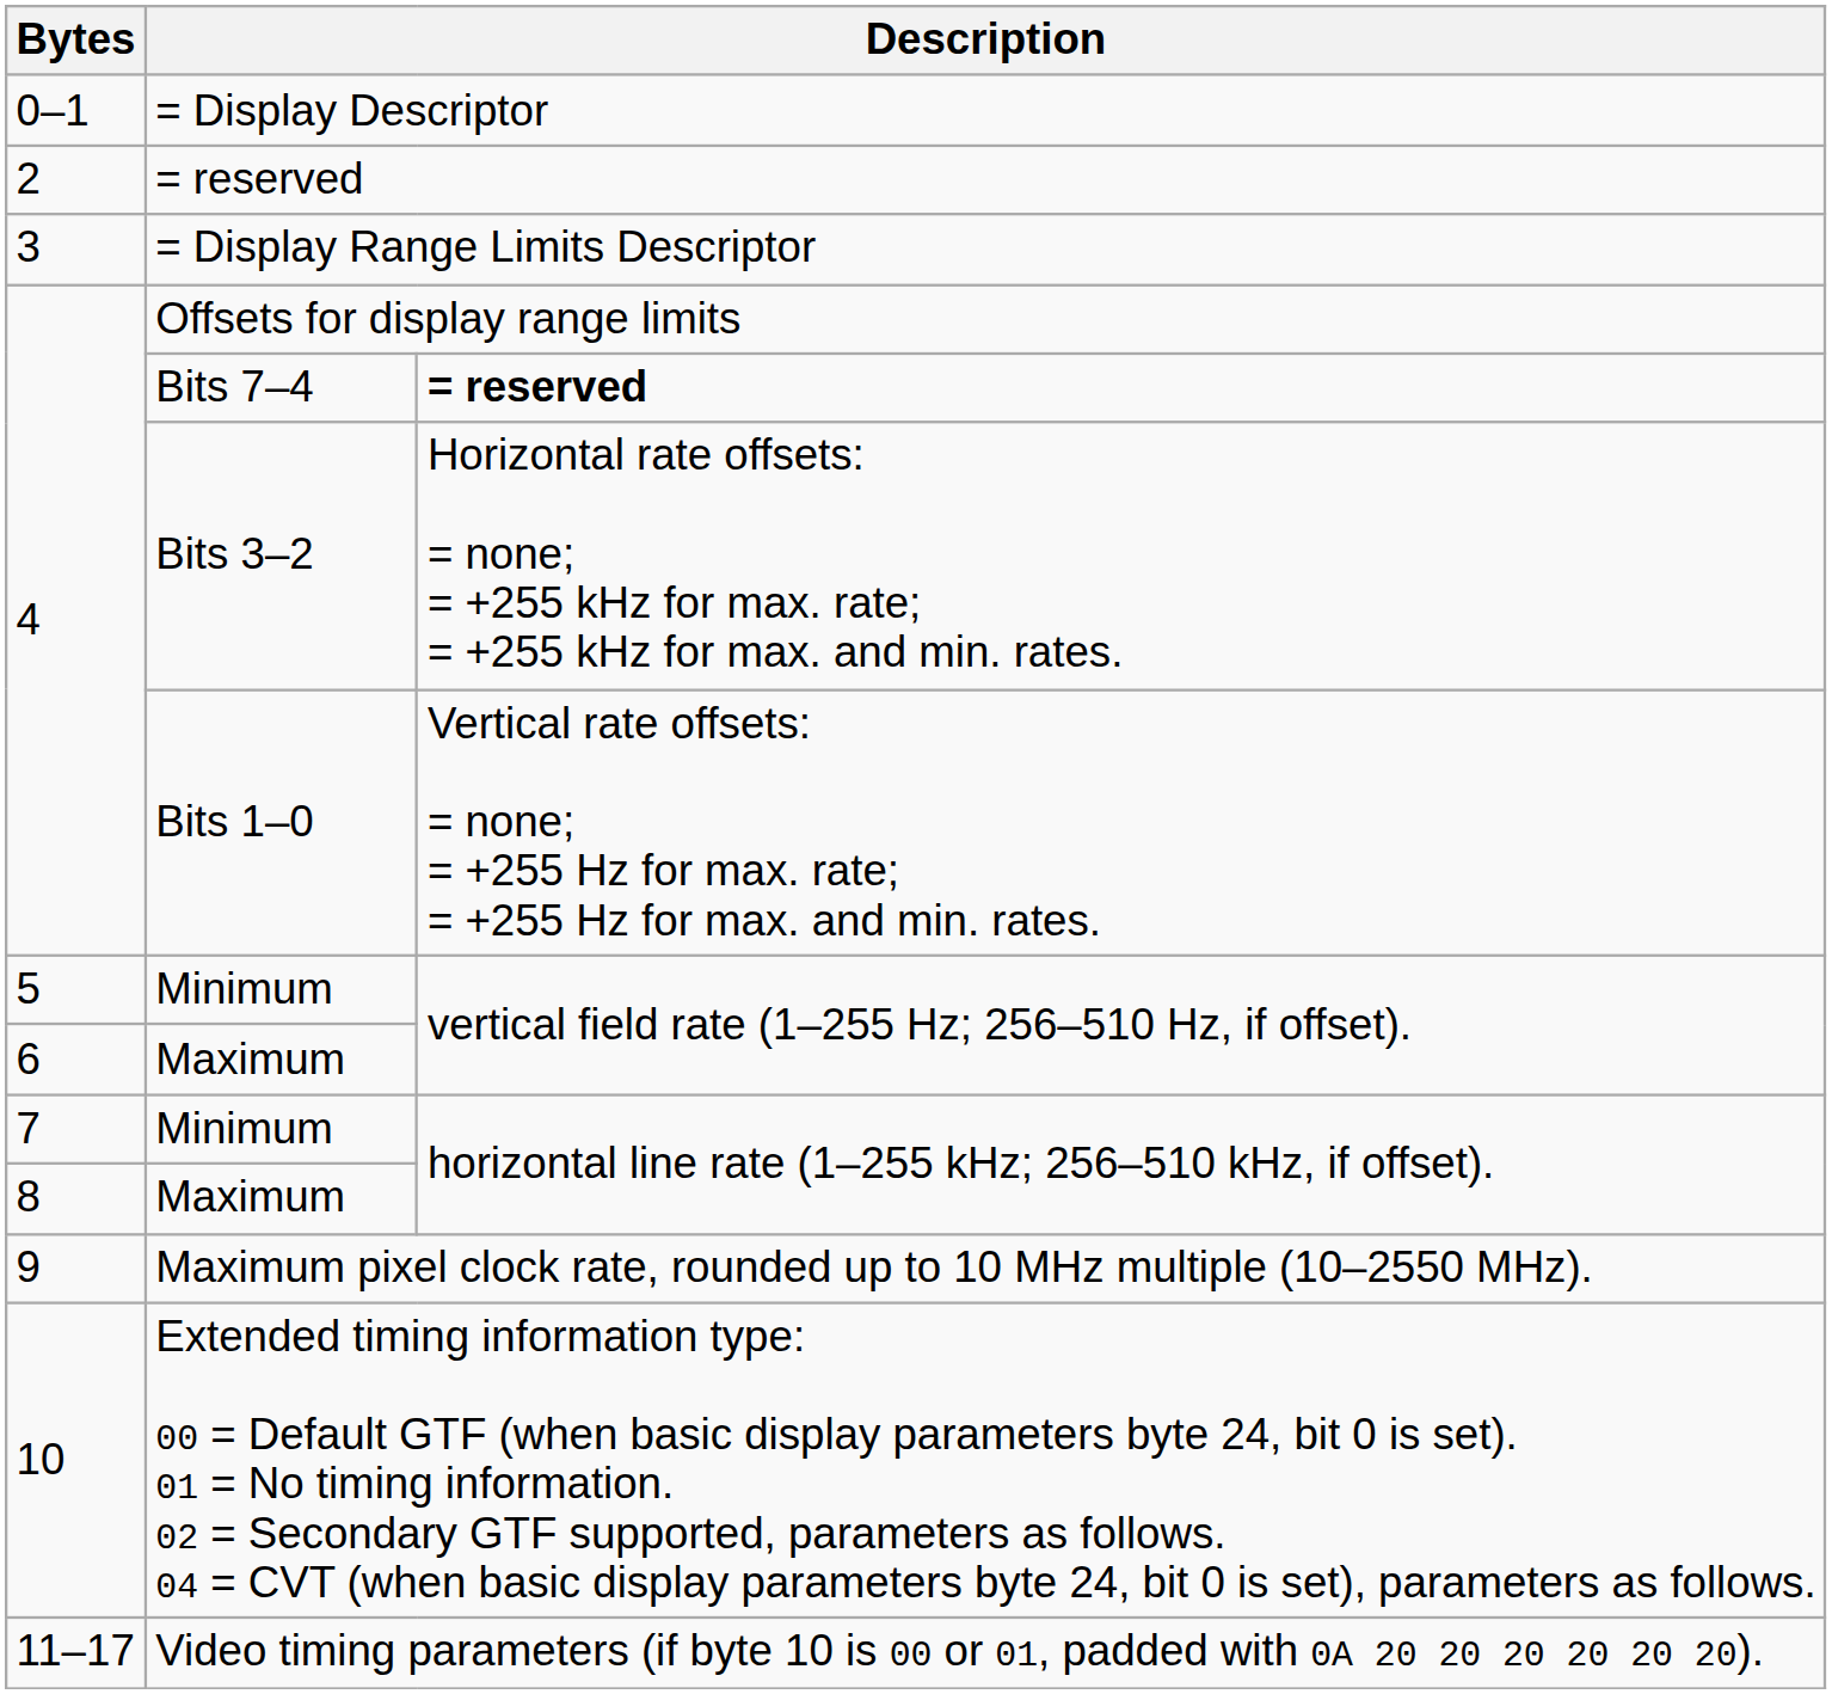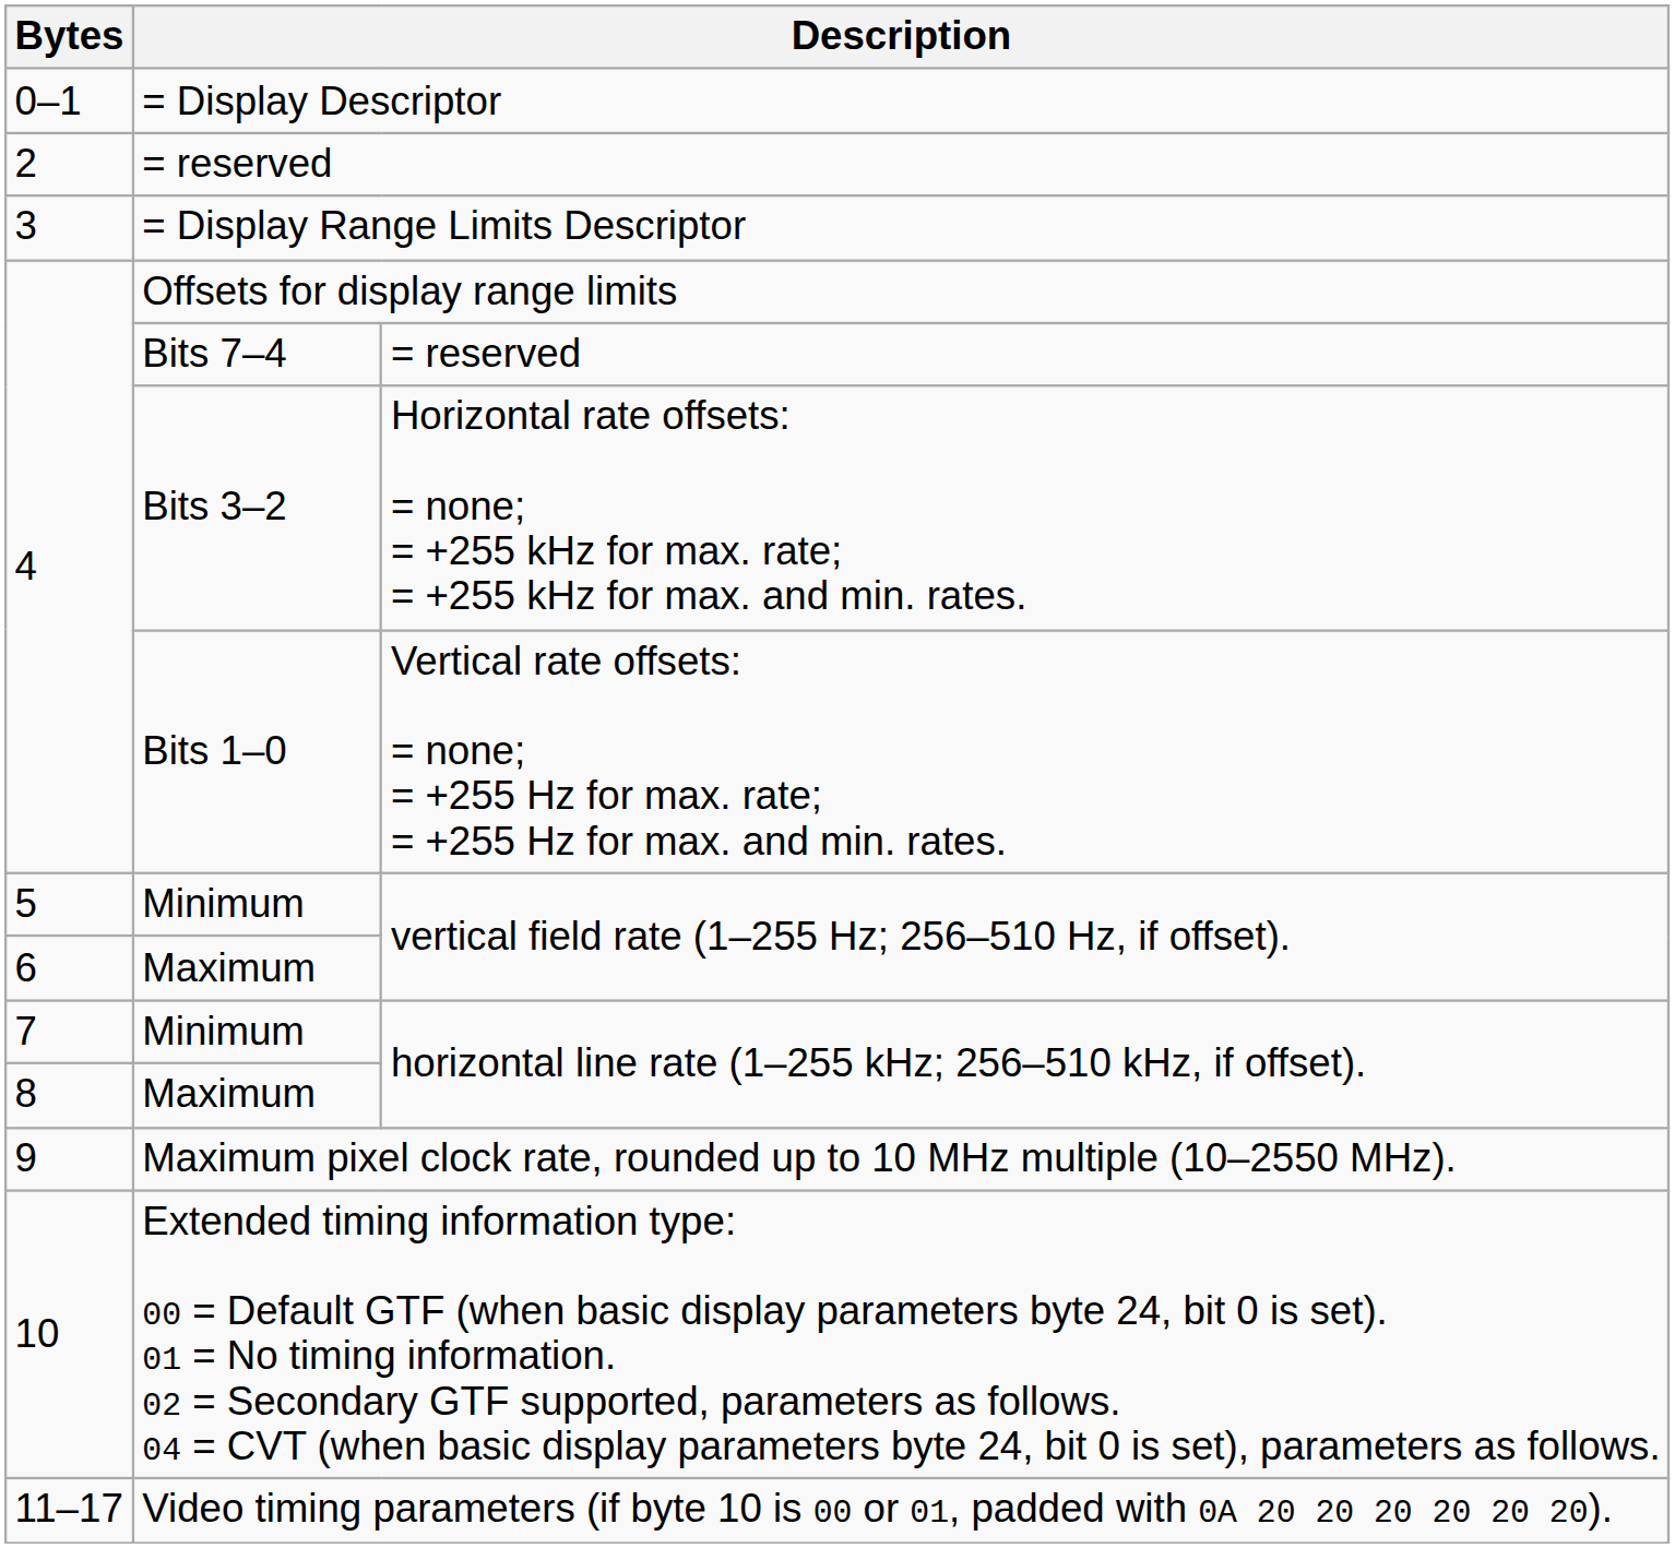 <table class=wikitable>
 <tr>
 <th>Bytes</th>
 <th colspan=2>Description</th>
 </tr>
 <tr>
 <td>0–1</td>
 <td colspan=2> = Display Descriptor</td>
 </tr>
 <tr>
 <td>2</td>
 <td colspan=2> = reserved</td>
 </tr>
 <tr>
 <td>3</td>
 <td colspan=2> = Display Range Limits Descriptor</td>
 </tr>
 <tr>
 <td rowspan=4>4</td>
 <td colspan=2>Offsets for display range limits</td>
 </tr>
 <tr>
 <td>Bits 7–4</td>
-<td><strong> = reserved</strong></td>
+<td> = reserved</td>
 </tr>
 <tr>
 <td>Bits 3–2</td>
 <td>Horizontal rate offsets:<br><br> = none;<br>  = +255 kHz for max. rate;<br>  = +255 kHz for max. and min. rates.</td>
 </tr>
 <tr>
 <td>Bits 1–0</td>
 <td>Vertical rate offsets:<br><br> = none;<br>  = +255 Hz for max. rate;<br>  = +255 Hz for max. and min. rates.</td>
 </tr>
 <tr>
 <td>5</td>
 <td>Minimum</td>
 <td rowspan=2>vertical field rate (1–255 Hz; 256–510 Hz, if offset).</td>
 </tr>
 <tr>
 <td>6</td>
 <td>Maximum</td>
 </tr>
 <tr>
 <td>7</td>
 <td>Minimum</td>
 <td rowspan=2>horizontal line rate (1–255 kHz; 256–510 kHz, if offset).</td>
 </tr>
 <tr>
 <td>8</td>
 <td>Maximum</td>
 </tr>
 <tr>
 <td>9</td>
 <td colspan=2>Maximum pixel clock rate, rounded up to 10 MHz multiple (10–2550 MHz).</td>
 </tr>
 <tr>
 <td>10</td>
 <td colspan=2>Extended timing information type:<br><br><code>00</code> = Default GTF (when basic display parameters byte 24, bit 0 is set).<br> <code>01</code> = No timing information.<br> <code>02</code> = Secondary GTF supported, parameters as follows.<br> <code>04</code> = CVT (when basic display parameters byte 24, bit 0 is set), parameters as follows.</td>
 </tr>
 <tr>
 <td>11–17</td>
 <td colspan=2>Video timing parameters (if byte 10 is <code>00</code> or <code>01</code>, padded with <code>0A 20 20 20 20 20 20</code>).</td>
 </tr>
 </table>
